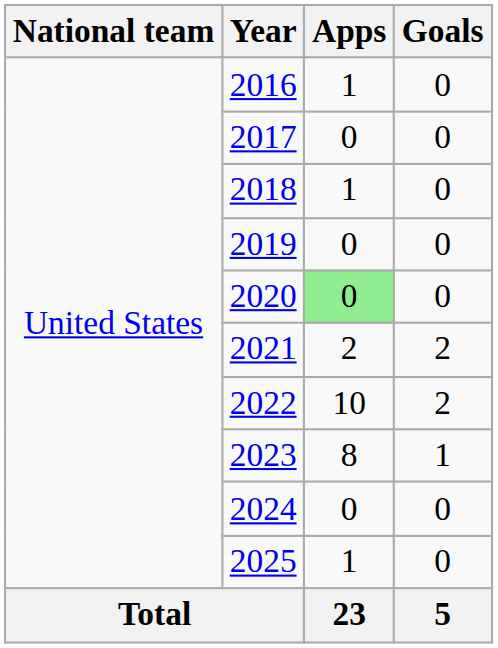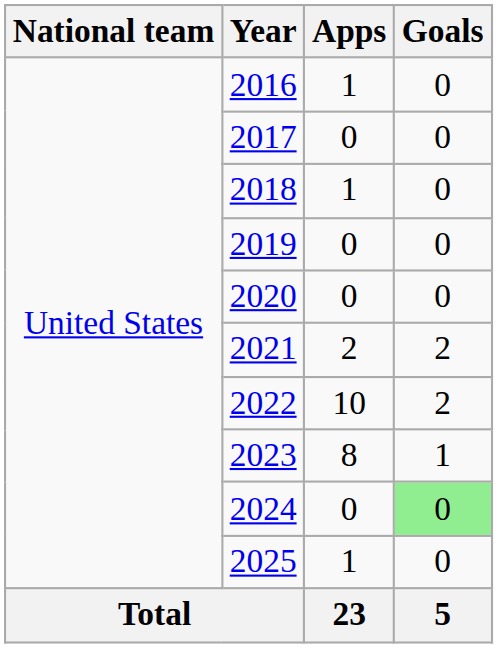 <table class="wikitable" style="text-align:center">
 <tr>
 <th>National team</th>
 <th>Year</th>
 <th>Apps</th>
 <th>Goals</th>
 </tr>
 <tr>
 <td rowspan="10"><a href='#'>United States</a></td>
 <td><a href='#'>2016</a></td>
 <td>1</td>
 <td>0</td>
 </tr>
 <tr>
 <td><a href='#'>2017</a></td>
 <td>0</td>
 <td>0</td>
 </tr>
 <tr>
 <td><a href='#'>2018</a></td>
 <td>1</td>
 <td>0</td>
 </tr>
 <tr>
 <td><a href='#'>2019</a></td>
 <td>0</td>
 <td>0</td>
 </tr>
 <tr>
 <td><a href='#'>2020</a></td>
-<td style="background: lightgreen;">0</td>
+<td>0</td>
 <td>0</td>
 </tr>
 <tr>
 <td><a href='#'>2021</a></td>
 <td>2</td>
 <td>2</td>
 </tr>
 <tr>
 <td><a href='#'>2022</a></td>
 <td>10</td>
 <td>2</td>
 </tr>
 <tr>
 <td><a href='#'>2023</a></td>
 <td>8</td>
 <td>1</td>
 </tr>
 <tr>
 <td><a href='#'>2024</a></td>
 <td>0</td>
-<td>0</td>
+<td style="background: lightgreen;">0</td>
 </tr>
 <tr>
 <td><a href='#'>2025</a></td>
 <td>1</td>
 <td>0</td>
 </tr>
 <tr>
 <th colspan="2">Total</th>
 <th>23</th>
 <th>5</th>
 </tr>
 </table>
